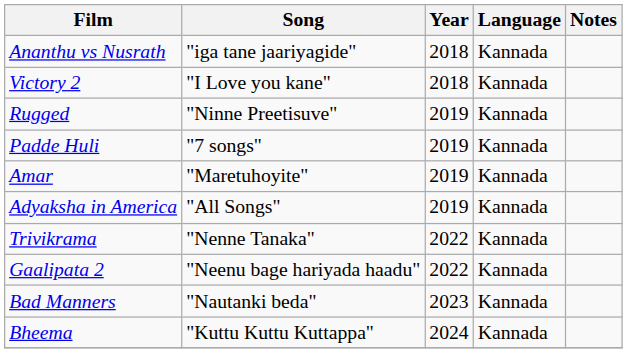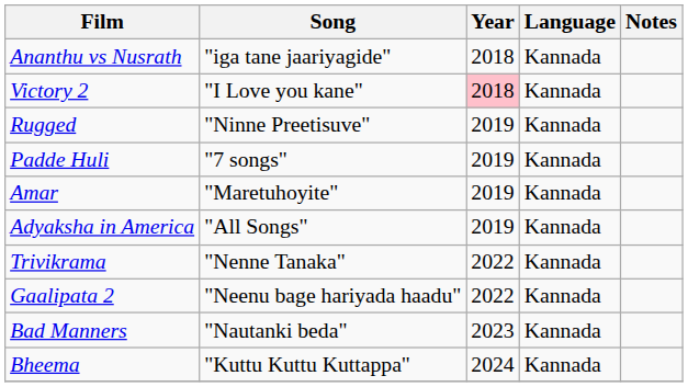 <table class="wikitable sortable">
 <tr>
 <th>Film</th>
 <th>Song</th>
 <th>Year</th>
 <th>Language</th>
 <th class=unsortable>Notes</th>
 </tr>
 <tr>
 <td><em><a href='#'>Ananthu vs Nusrath</a></em></td>
 <td>"iga tane jaariyagide"</td>
 <td>2018</td>
 <td>Kannada</td>
 <td></td>
 </tr>
 <tr>
 <td><em><a href='#'>Victory 2</a></em></td>
 <td>"I Love you kane"</td>
-<td>2018</td>
+<td style="background: pink;">2018</td>
 <td>Kannada</td>
 <td></td>
 </tr>
 <tr>
 <td><em><a href='#'>Rugged</a></em></td>
 <td>"Ninne Preetisuve"</td>
 <td>2019</td>
 <td>Kannada</td>
 <td></td>
 </tr>
 <tr>
 <td><em><a href='#'>Padde Huli</a></em></td>
 <td>"7 songs"</td>
 <td>2019</td>
 <td>Kannada</td>
 <td></td>
 </tr>
 <tr>
 <td><em><a href='#'>Amar</a></em></td>
 <td>"Maretuhoyite"</td>
 <td>2019</td>
 <td>Kannada</td>
 <td></td>
 </tr>
 <tr>
 <td><em><a href='#'>Adyaksha in America</a></em></td>
 <td>"All Songs"</td>
 <td>2019</td>
 <td>Kannada</td>
 <td></td>
 </tr>
 <tr>
 <td><em><a href='#'>Trivikrama</a></em></td>
 <td>"Nenne Tanaka"</td>
 <td>2022</td>
 <td>Kannada</td>
 <td></td>
 </tr>
 <tr>
 <td><em><a href='#'>Gaalipata 2</a></em></td>
 <td>"Neenu bage hariyada haadu"</td>
 <td>2022</td>
 <td>Kannada</td>
 <td></td>
 </tr>
 <tr>
 <td><em><a href='#'>Bad Manners</a></em></td>
 <td>"Nautanki beda"</td>
 <td>2023</td>
 <td>Kannada</td>
 <td></td>
 </tr>
 <tr>
 <td><em><a href='#'>Bheema</a></em></td>
 <td>"Kuttu Kuttu Kuttappa"</td>
 <td>2024</td>
 <td>Kannada</td>
 <td></td>
 </tr>
 <tr>
 </tr>
 </table>
